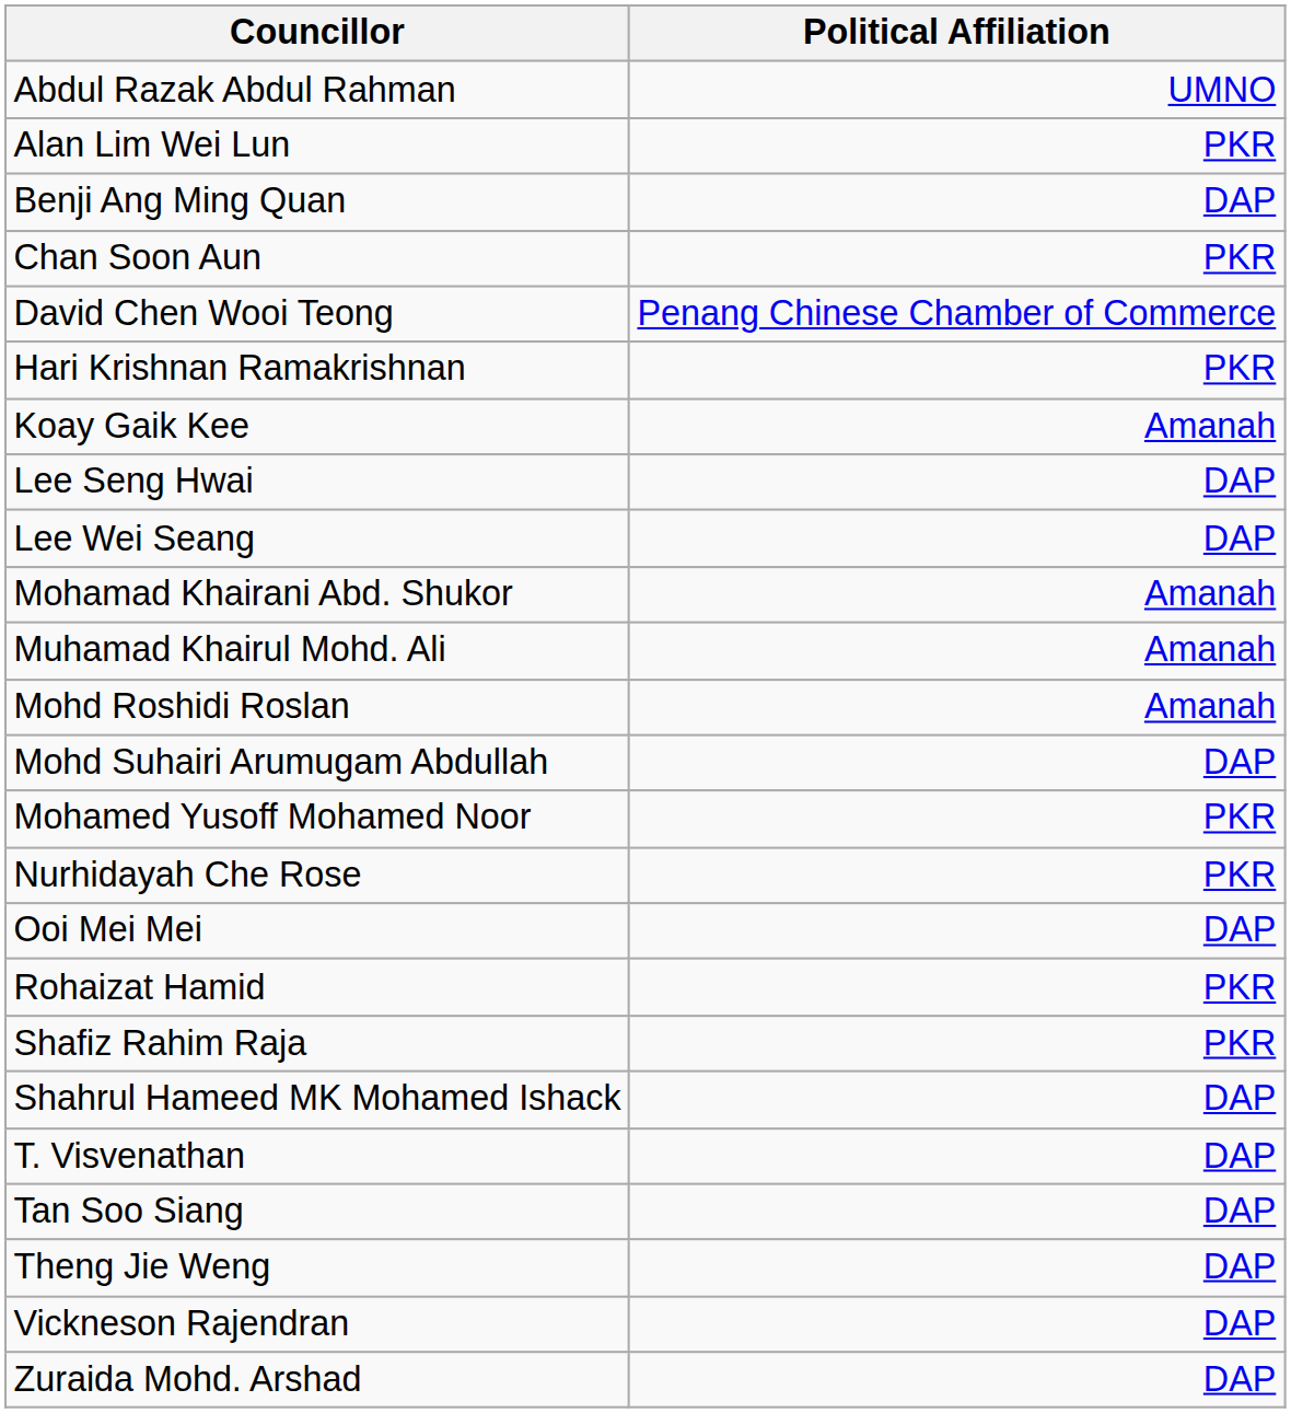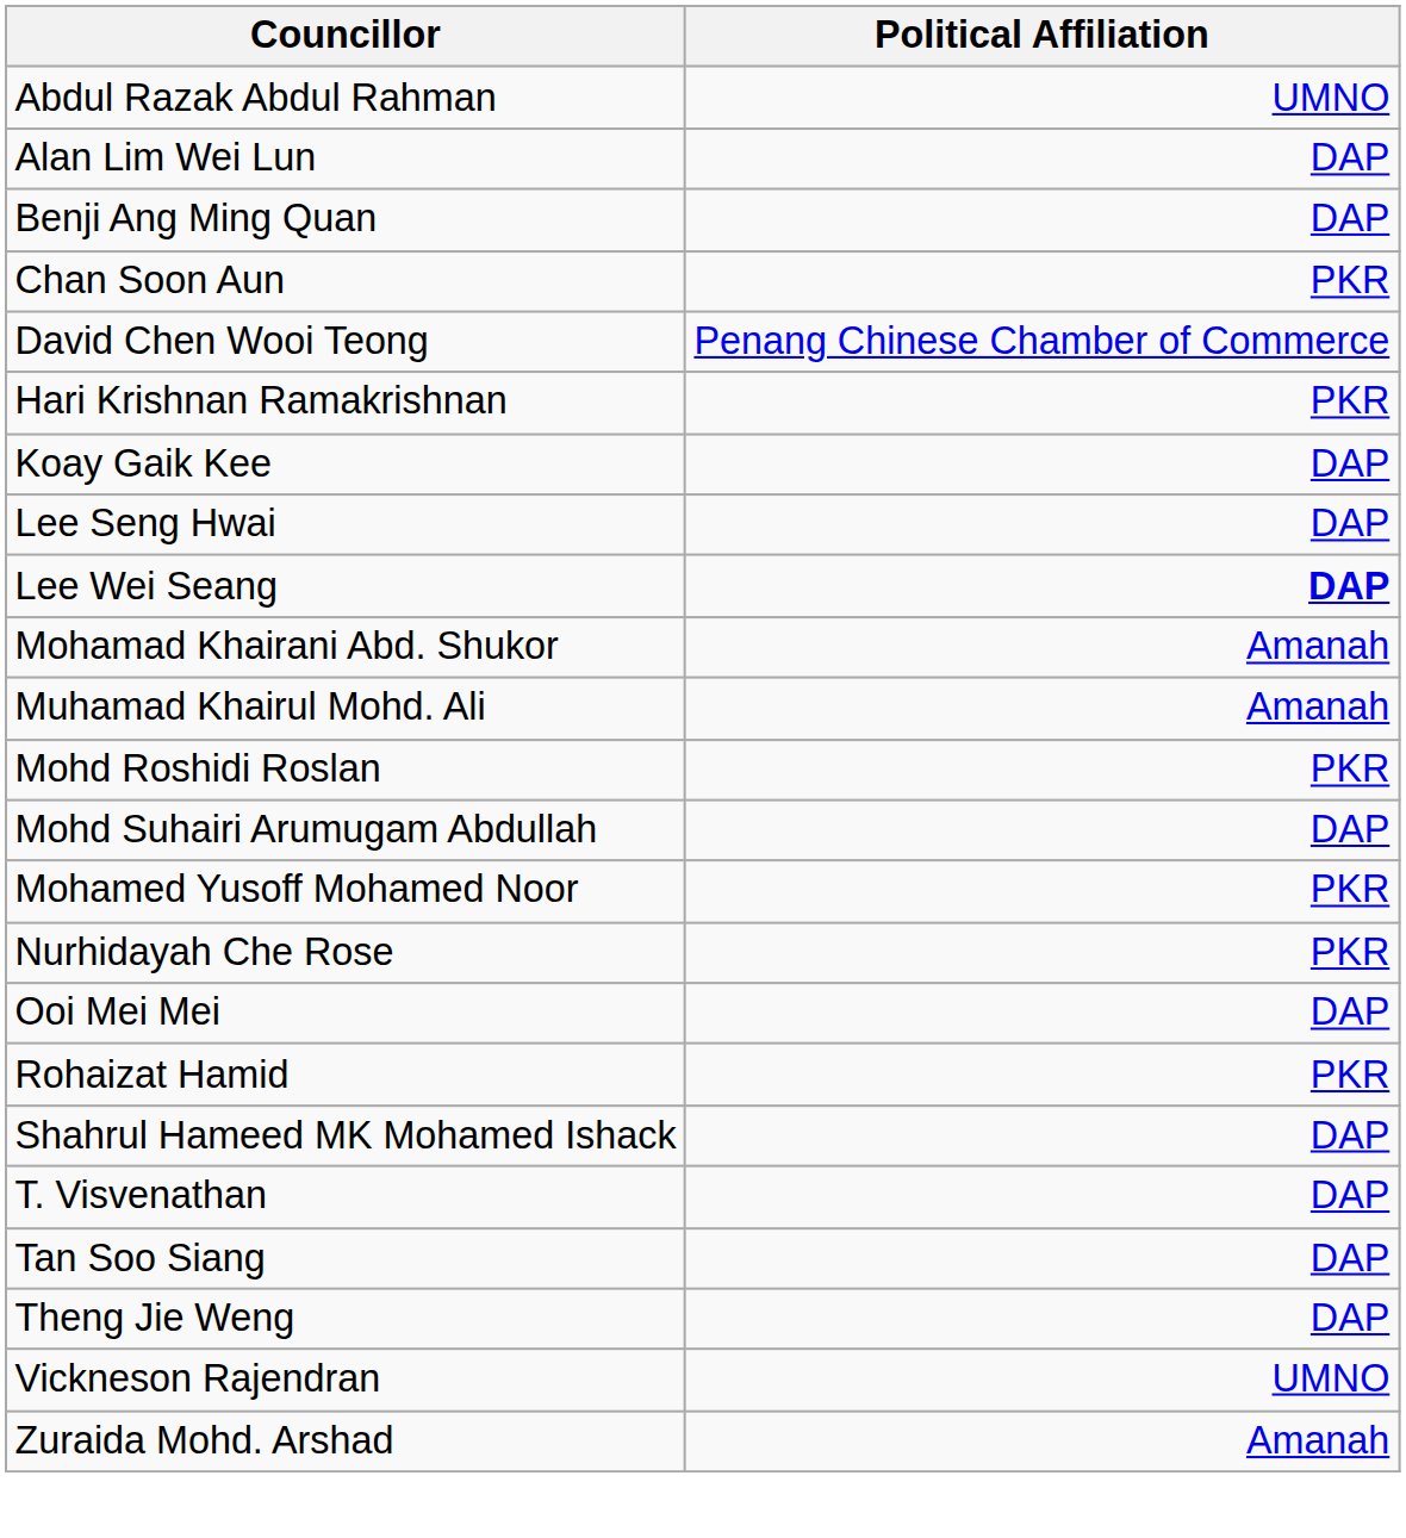 <table class="wikitable sortable mw-collapsible">
 <tr>
 <th>Councillor</th>
 <th>Political Affiliation</th>
 </tr>
 <tr>
 <td>Abdul Razak Abdul Rahman</td>
 <td align="right"><a href='#'>UMNO</a></td>
 </tr>
 <tr>
 <td>Alan Lim Wei Lun</td>
-<td align="right"><a href='#'>PKR</a></td>
+<td align="right"><a href='#'>DAP</a></td>
 </tr>
 <tr>
 <td>Benji Ang Ming Quan</td>
 <td align="right"><a href='#'>DAP</a></td>
 </tr>
 <tr>
 <td>Chan Soon Aun</td>
 <td align="right"><a href='#'>PKR</a></td>
 </tr>
 <tr>
 <td>David Chen Wooi Teong</td>
 <td align="right"><a href='#'>Penang Chinese Chamber of Commerce</a></td>
 </tr>
 <tr>
 <td>Hari Krishnan Ramakrishnan</td>
 <td align="right"><a href='#'>PKR</a></td>
 </tr>
 <tr>
 <td>Koay Gaik Kee</td>
-<td align="right"><a href='#'>Amanah</a></td>
+<td align="right"><a href='#'>DAP</a></td>
 </tr>
 <tr>
 <td>Lee Seng Hwai</td>
 <td align="right"><a href='#'>DAP</a></td>
 </tr>
 <tr>
 <td>Lee Wei Seang</td>
-<td align="right"><a href='#'>DAP</a></td>
+<td align="right"><strong><a href='#'>DAP</a></strong></td>
 </tr>
 <tr>
 <td>Mohamad Khairani Abd. Shukor</td>
 <td align="right"><a href='#'>Amanah</a></td>
 </tr>
 <tr>
 <td>Muhamad Khairul Mohd. Ali</td>
 <td align="right"><a href='#'>Amanah</a></td>
 </tr>
 <tr>
 <td>Mohd Roshidi Roslan</td>
-<td align="right"><a href='#'>Amanah</a></td>
+<td align="right"><a href='#'>PKR</a></td>
 </tr>
 <tr>
 <td>Mohd Suhairi Arumugam Abdullah</td>
 <td align="right"><a href='#'>DAP</a></td>
 </tr>
 <tr>
 <td>Mohamed Yusoff Mohamed Noor</td>
 <td align="right"><a href='#'>PKR</a></td>
 </tr>
 <tr>
 <td>Nurhidayah Che Rose</td>
 <td align="right"><a href='#'>PKR</a></td>
 </tr>
 <tr>
 <td>Ooi Mei Mei</td>
 <td align="right"><a href='#'>DAP</a></td>
 </tr>
 <tr>
 <td>Rohaizat Hamid</td>
 <td align="right"><a href='#'>PKR</a></td>
 </tr>
 <tr>
-<td>Shafiz Rahim Raja</td>
-<td align="right"><a href='#'>PKR</a></td>
-</tr>
-<tr>
 <td>Shahrul Hameed MK Mohamed Ishack</td>
 <td align="right"><a href='#'>DAP</a></td>
 </tr>
 <tr>
 <td>T. Visvenathan</td>
 <td align="right"><a href='#'>DAP</a></td>
 </tr>
 <tr>
 <td>Tan Soo Siang</td>
 <td align="right"><a href='#'>DAP</a></td>
 </tr>
 <tr>
 <td>Theng Jie Weng</td>
 <td align="right"><a href='#'>DAP</a></td>
 </tr>
 <tr>
 <td>Vickneson Rajendran</td>
-<td align="right"><a href='#'>DAP</a></td>
+<td align="right"><a href='#'>UMNO</a></td>
 </tr>
 <tr>
 <td>Zuraida Mohd. Arshad</td>
-<td align="right"><a href='#'>DAP</a></td>
+<td align="right"><a href='#'>Amanah</a></td>
 </tr>
 </table>
